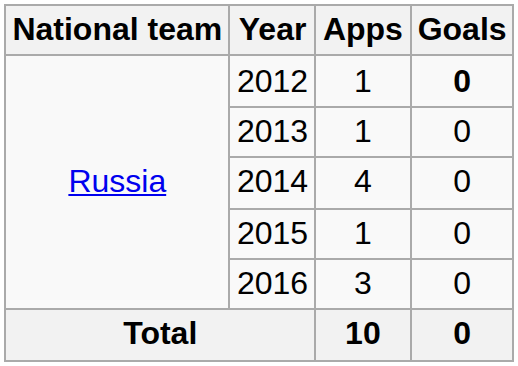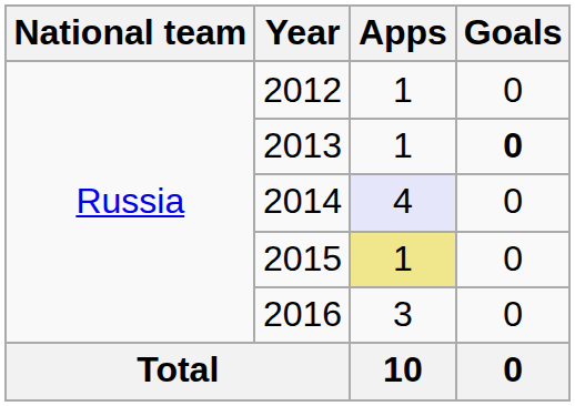 <table class="wikitable" style="text-align:center">
 <tr>
 <th>National team</th>
 <th>Year</th>
 <th>Apps</th>
 <th>Goals</th>
 </tr>
 <tr>
 <td rowspan="5"><a href='#'>Russia</a></td>
 <td>2012</td>
 <td>1</td>
-<td><strong>0</strong></td>
+<td>0</td>
 </tr>
 <tr>
 <td>2013</td>
 <td>1</td>
-<td>0</td>
+<td><strong>0</strong></td>
 </tr>
 <tr>
 <td>2014</td>
-<td>4</td>
+<td style="background: lavender;">4</td>
 <td>0</td>
 </tr>
 <tr>
 <td>2015</td>
-<td>1</td>
+<td style="background: khaki;">1</td>
 <td>0</td>
 </tr>
 <tr>
 <td>2016</td>
 <td>3</td>
 <td>0</td>
 </tr>
 <tr>
 <th colspan=2>Total</th>
 <th>10</th>
 <th>0</th>
 </tr>
 </table>
